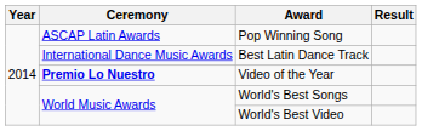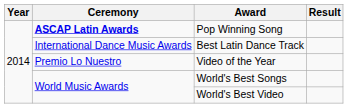 <table class="wikitable">
 <tr>
 <th>Year</th>
 <th>Ceremony</th>
 <th>Award</th>
 <th>Result</th>
 </tr>
 <tr>
 <td rowspan=5>2014</td>
-<td><a href='#'>ASCAP Latin Awards</a></td>
+<td><strong><a href='#'>ASCAP Latin Awards</a></strong></td>
 <td>Pop Winning Song</td>
 <td></td>
 </tr>
 <tr>
 <td><a href='#'>International Dance Music Awards</a></td>
 <td>Best Latin Dance Track</td>
 <td></td>
 </tr>
 <tr>
-<td><strong><a href='#'>Premio Lo Nuestro</a></strong></td>
+<td><a href='#'>Premio Lo Nuestro</a></td>
 <td>Video of the Year</td>
 <td></td>
 </tr>
 <tr>
 <td rowspan=2><a href='#'>World Music Awards</a></td>
 <td>World's Best Songs</td>
 <td></td>
 </tr>
 <tr>
 <td>World's Best Video</td>
 <td></td>
 </tr>
 </table>
